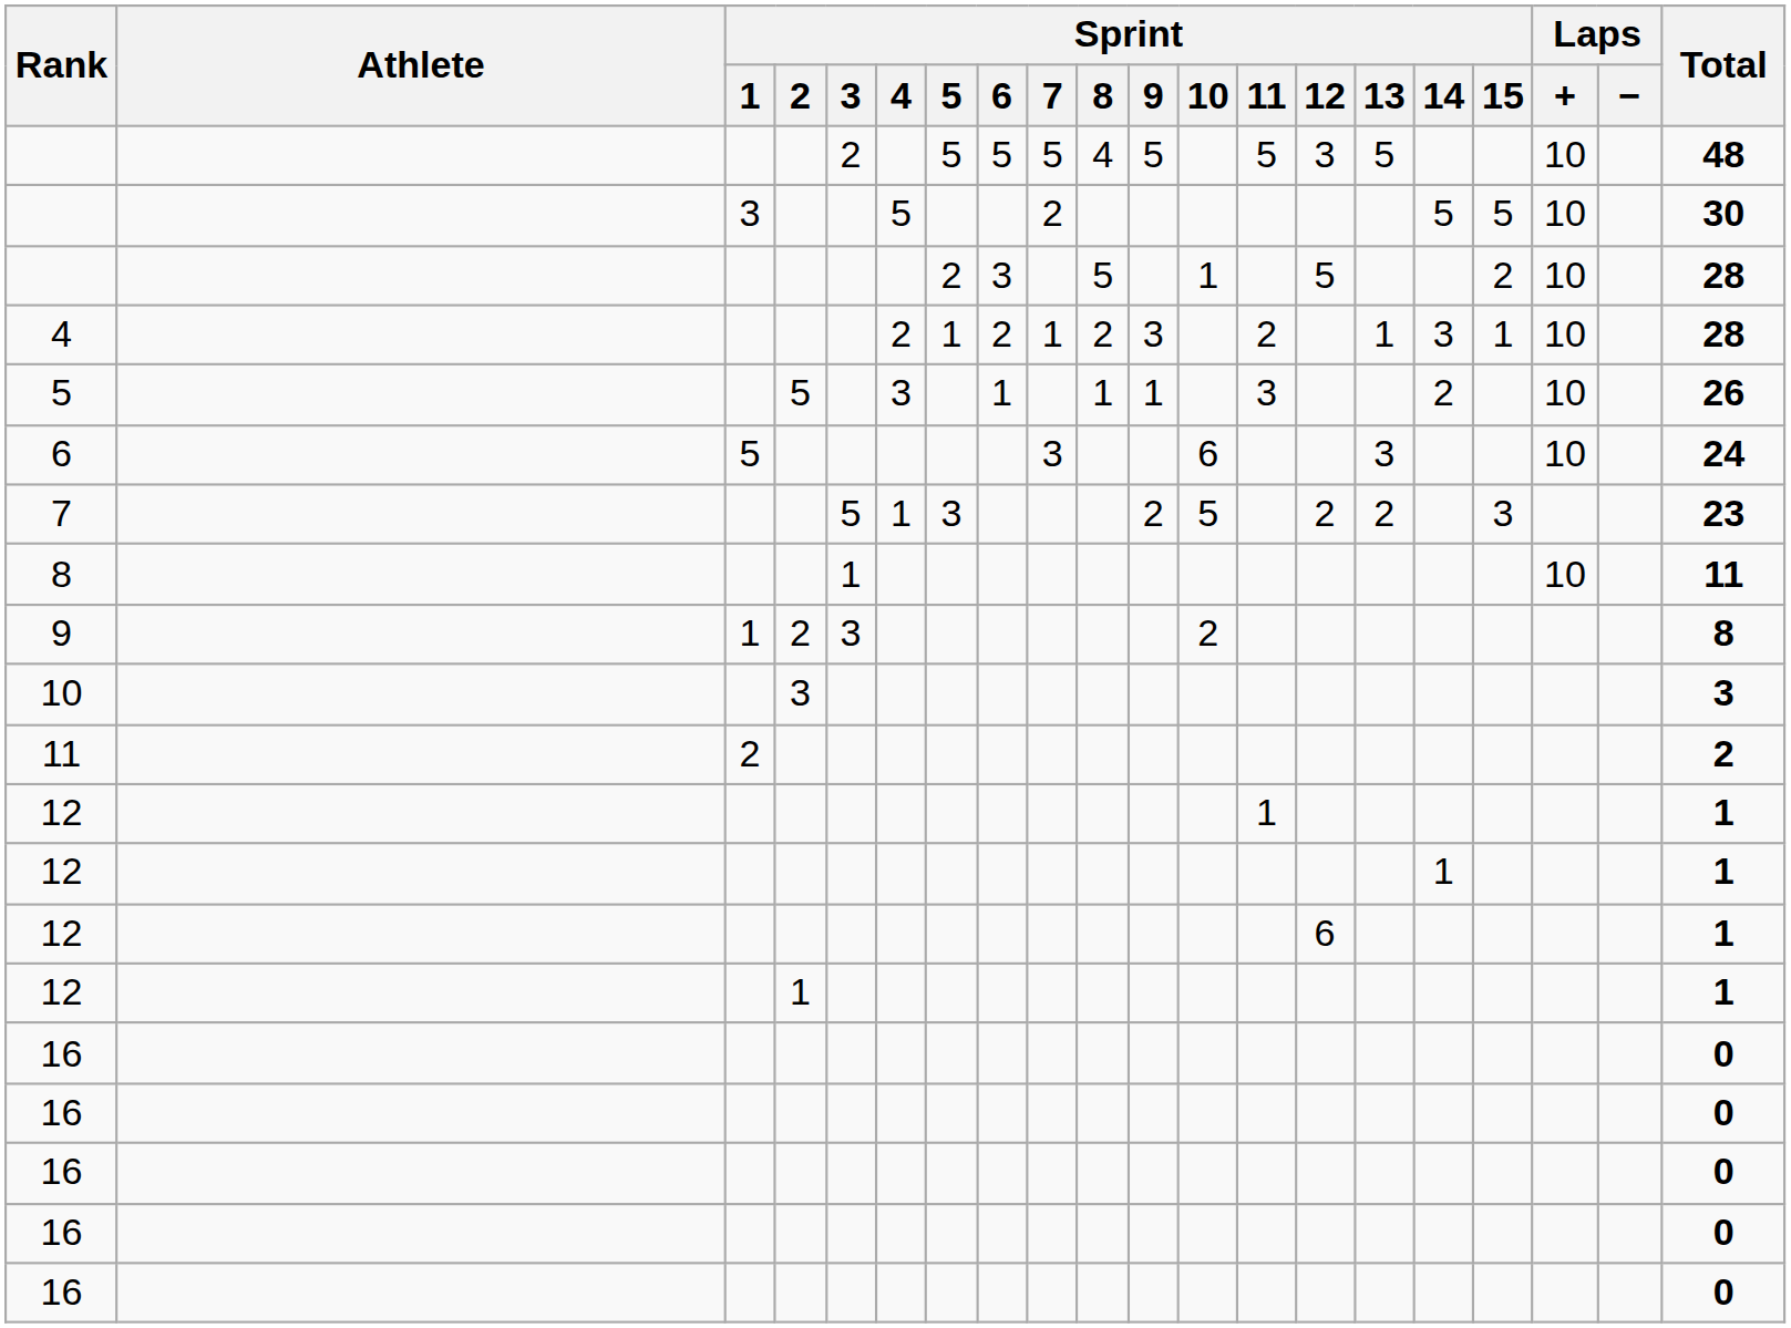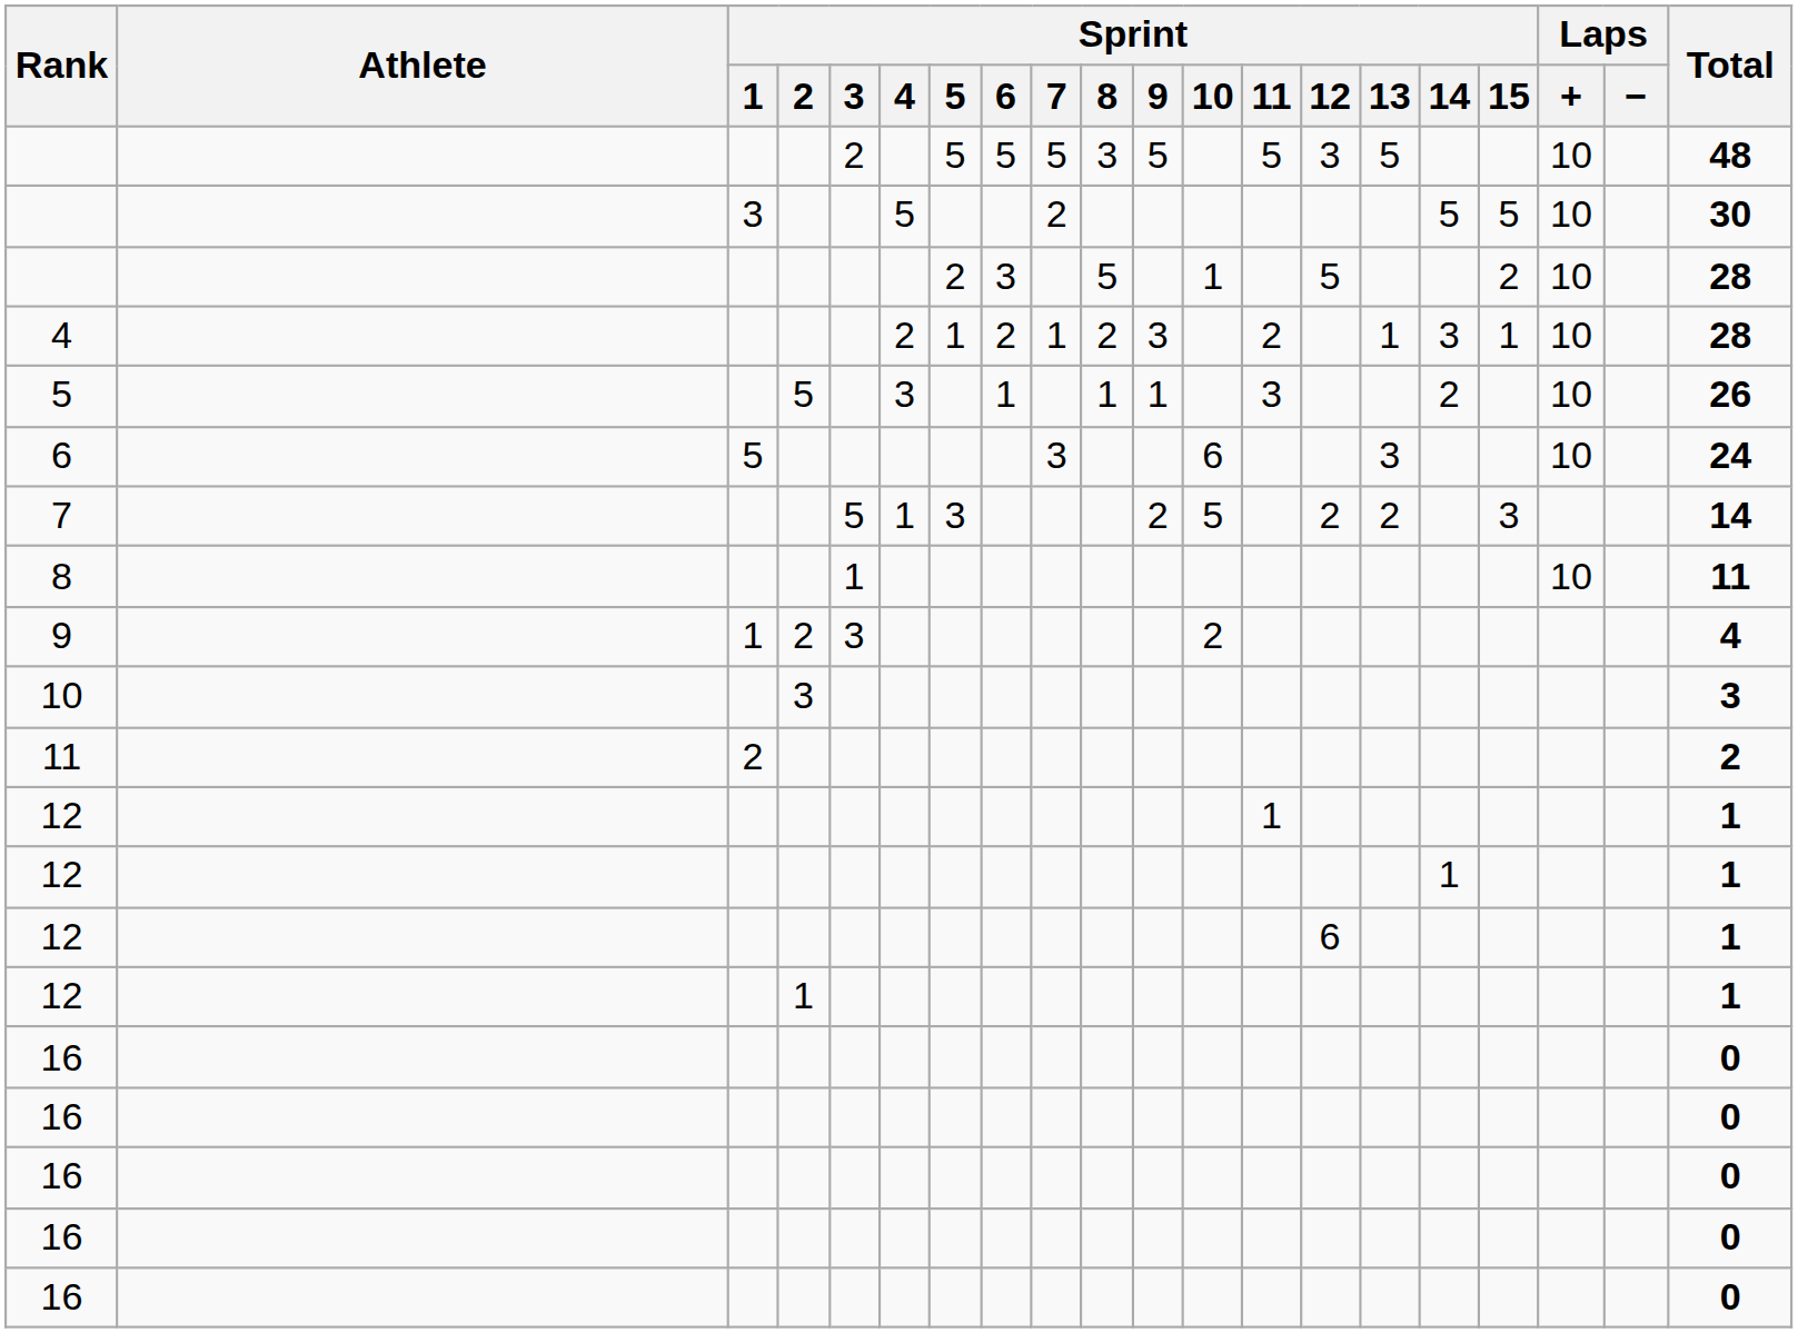 <table class=wikitable style="text-align:center">
 <tr>
 <th rowspan=2 width=40>Rank</th>
 <th rowspan=2 width=250>Athlete</th>
 <th colspan=15>Sprint</th>
 <th colspan=2>Laps</th>
 <th rowspan=2 width=45>Total</th>
 </tr>
 <tr>
 <th width=14>1</th>
 <th width=14>2</th>
 <th width=14>3</th>
 <th width=14>4</th>
 <th width=14>5</th>
 <th width=14>6</th>
 <th width=14>7</th>
 <th width=14>8</th>
 <th width=14>9</th>
 <th width=14>10</th>
 <th width=14>11</th>
 <th width=14>12</th>
 <th width=14>13</th>
 <th width=14>14</th>
 <th width=14>15</th>
 <th width=20>+</th>
 <th width=20>−</th>
 </tr>
 <tr>
 <td></td>
 <td align=left></td>
 <td></td>
 <td></td>
 <td>2</td>
 <td></td>
 <td>5</td>
 <td>5</td>
 <td>5</td>
-<td>4</td>
+<td>3</td>
 <td>5</td>
 <td></td>
 <td>5</td>
 <td>3</td>
 <td>5</td>
 <td></td>
 <td></td>
 <td>10</td>
 <td></td>
 <td><strong>48</strong></td>
 </tr>
 <tr>
 <td></td>
 <td align=left></td>
 <td>3</td>
 <td></td>
 <td></td>
 <td>5</td>
 <td></td>
 <td></td>
 <td>2</td>
 <td></td>
 <td></td>
 <td></td>
 <td></td>
 <td></td>
 <td></td>
 <td>5</td>
 <td>5</td>
 <td>10</td>
 <td></td>
 <td><strong>30</strong></td>
 </tr>
 <tr>
 <td></td>
 <td align=left></td>
 <td></td>
 <td></td>
 <td></td>
 <td></td>
 <td>2</td>
 <td>3</td>
 <td></td>
 <td>5</td>
 <td></td>
 <td>1</td>
 <td></td>
 <td>5</td>
 <td></td>
 <td></td>
 <td>2</td>
 <td>10</td>
 <td></td>
 <td><strong>28</strong></td>
 </tr>
 <tr>
 <td>4</td>
 <td align=left></td>
 <td></td>
 <td></td>
 <td></td>
 <td>2</td>
 <td>1</td>
 <td>2</td>
 <td>1</td>
 <td>2</td>
 <td>3</td>
 <td></td>
 <td>2</td>
 <td></td>
 <td>1</td>
 <td>3</td>
 <td>1</td>
 <td>10</td>
 <td></td>
 <td><strong>28</strong></td>
 </tr>
 <tr>
 <td>5</td>
 <td align=left></td>
 <td></td>
 <td>5</td>
 <td></td>
 <td>3</td>
 <td></td>
 <td>1</td>
 <td></td>
 <td>1</td>
 <td>1</td>
 <td></td>
 <td>3</td>
 <td></td>
 <td></td>
 <td>2</td>
 <td></td>
 <td>10</td>
 <td></td>
 <td><strong>26</strong></td>
 </tr>
 <tr>
 <td>6</td>
 <td align=left></td>
 <td>5</td>
 <td></td>
 <td></td>
 <td></td>
 <td></td>
 <td></td>
 <td>3</td>
 <td></td>
 <td></td>
 <td>6</td>
 <td></td>
 <td></td>
 <td>3</td>
 <td></td>
 <td></td>
 <td>10</td>
 <td></td>
 <td><strong>24</strong></td>
 </tr>
 <tr>
 <td>7</td>
 <td align=left></td>
 <td></td>
 <td></td>
 <td>5</td>
 <td>1</td>
 <td>3</td>
 <td></td>
 <td></td>
 <td></td>
 <td>2</td>
 <td>5</td>
 <td></td>
 <td>2</td>
 <td>2</td>
 <td></td>
 <td>3</td>
 <td></td>
 <td></td>
-<td><strong>23</strong></td>
+<td><strong>14</strong></td>
 </tr>
 <tr>
 <td>8</td>
 <td align=left></td>
 <td></td>
 <td></td>
 <td>1</td>
 <td></td>
 <td></td>
 <td></td>
 <td></td>
 <td></td>
 <td></td>
 <td></td>
 <td></td>
 <td></td>
 <td></td>
 <td></td>
 <td></td>
 <td>10</td>
 <td></td>
 <td><strong>11</strong></td>
 </tr>
 <tr>
 <td>9</td>
 <td align=left></td>
 <td>1</td>
 <td>2</td>
 <td>3</td>
 <td></td>
 <td></td>
 <td></td>
 <td></td>
 <td></td>
 <td></td>
 <td>2</td>
 <td></td>
 <td></td>
 <td></td>
 <td></td>
 <td></td>
 <td></td>
 <td></td>
-<td><strong>8</strong></td>
+<td><strong>4</strong></td>
 </tr>
 <tr>
 <td>10</td>
 <td align=left></td>
 <td></td>
 <td>3</td>
 <td></td>
 <td></td>
 <td></td>
 <td></td>
 <td></td>
 <td></td>
 <td></td>
 <td></td>
 <td></td>
 <td></td>
 <td></td>
 <td></td>
 <td></td>
 <td></td>
 <td></td>
 <td><strong>3</strong></td>
 </tr>
 <tr>
 <td>11</td>
 <td align=left></td>
 <td>2</td>
 <td></td>
 <td></td>
 <td></td>
 <td></td>
 <td></td>
 <td></td>
 <td></td>
 <td></td>
 <td></td>
 <td></td>
 <td></td>
 <td></td>
 <td></td>
 <td></td>
 <td></td>
 <td></td>
 <td><strong>2</strong></td>
 </tr>
 <tr>
 <td>12</td>
 <td align=left></td>
 <td></td>
 <td></td>
 <td></td>
 <td></td>
 <td></td>
 <td></td>
 <td></td>
 <td></td>
 <td></td>
 <td></td>
 <td>1</td>
 <td></td>
 <td></td>
 <td></td>
 <td></td>
 <td></td>
 <td></td>
 <td><strong>1</strong></td>
 </tr>
 <tr>
 <td>12</td>
 <td align=left></td>
 <td></td>
 <td></td>
 <td></td>
 <td></td>
 <td></td>
 <td></td>
 <td></td>
 <td></td>
 <td></td>
 <td></td>
 <td></td>
 <td></td>
 <td></td>
 <td>1</td>
 <td></td>
 <td></td>
 <td></td>
 <td><strong>1</strong></td>
 </tr>
 <tr>
 <td>12</td>
 <td align=left></td>
 <td></td>
 <td></td>
 <td></td>
 <td></td>
 <td></td>
 <td></td>
 <td></td>
 <td></td>
 <td></td>
 <td></td>
 <td></td>
 <td>6</td>
 <td></td>
 <td></td>
 <td></td>
 <td></td>
 <td></td>
 <td><strong>1</strong></td>
 </tr>
 <tr>
 <td>12</td>
 <td align=left></td>
 <td></td>
 <td>1</td>
 <td></td>
 <td></td>
 <td></td>
 <td></td>
 <td></td>
 <td></td>
 <td></td>
 <td></td>
 <td></td>
 <td></td>
 <td></td>
 <td></td>
 <td></td>
 <td></td>
 <td></td>
 <td><strong>1</strong></td>
 </tr>
 <tr>
 <td>16</td>
 <td align=left></td>
 <td></td>
 <td></td>
 <td></td>
 <td></td>
 <td></td>
 <td></td>
 <td></td>
 <td></td>
 <td></td>
 <td></td>
 <td></td>
 <td></td>
 <td></td>
 <td></td>
 <td></td>
 <td></td>
 <td></td>
 <td><strong>0</strong></td>
 </tr>
 <tr>
 <td>16</td>
 <td align=left></td>
 <td></td>
 <td></td>
 <td></td>
 <td></td>
 <td></td>
 <td></td>
 <td></td>
 <td></td>
 <td></td>
 <td></td>
 <td></td>
 <td></td>
 <td></td>
 <td></td>
 <td></td>
 <td></td>
 <td></td>
 <td><strong>0</strong></td>
 </tr>
 <tr>
 <td>16</td>
 <td align=left></td>
 <td></td>
 <td></td>
 <td></td>
 <td></td>
 <td></td>
 <td></td>
 <td></td>
 <td></td>
 <td></td>
 <td></td>
 <td></td>
 <td></td>
 <td></td>
 <td></td>
 <td></td>
 <td></td>
 <td></td>
 <td><strong>0</strong></td>
 </tr>
 <tr>
 <td>16</td>
 <td align=left></td>
 <td></td>
 <td></td>
 <td></td>
 <td></td>
 <td></td>
 <td></td>
 <td></td>
 <td></td>
 <td></td>
 <td></td>
 <td></td>
 <td></td>
 <td></td>
 <td></td>
 <td></td>
 <td></td>
 <td></td>
 <td><strong>0</strong></td>
 </tr>
 <tr>
 <td>16</td>
 <td align=left></td>
 <td></td>
 <td></td>
 <td></td>
 <td></td>
 <td></td>
 <td></td>
 <td></td>
 <td></td>
 <td></td>
 <td></td>
 <td></td>
 <td></td>
 <td></td>
 <td></td>
 <td></td>
 <td></td>
 <td></td>
 <td><strong>0</strong></td>
 </tr>
 </table>
